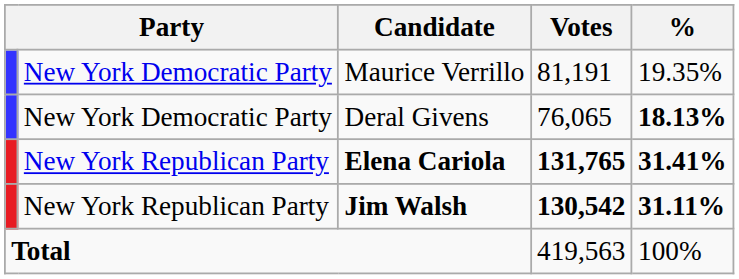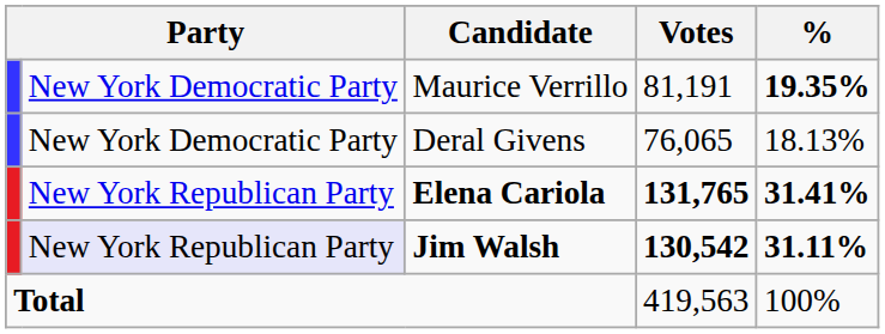 <table class="wikitable" style="font-size: 95%">
 <tr>
 <th colspan="2">Party</th>
 <th>Candidate</th>
 <th>Votes</th>
 <th>%</th>
 </tr>
 <tr>
 <td bgcolor="#3333FF"></td>
 <td><a href='#'>New York Democratic Party</a></td>
 <td>Maurice Verrillo</td>
 <td>81,191</td>
-<td>19.35%</td>
+<td><strong>19.35%</strong></td>
 </tr>
 <tr>
 <td bgcolor="#3333FF"></td>
 <td>New York Democratic Party</td>
 <td>Deral Givens</td>
 <td>76,065</td>
-<td><strong>18.13%</strong></td>
+<td>18.13%</td>
 </tr>
 <tr>
 <td bgcolor="#E81B23"></td>
 <td><a href='#'>New York Republican Party</a></td>
 <td><strong>Elena Cariola</strong></td>
 <td><strong>131,765</strong></td>
 <td><strong>31.41%</strong></td>
 </tr>
 <tr>
 <td bgcolor="#E81B23"></td>
-<td>New York Republican Party</td>
+<td style="background: lavender;">New York Republican Party</td>
 <td><strong>Jim Walsh</strong></td>
 <td><strong>130,542</strong></td>
 <td><strong>31.11%</strong></td>
 </tr>
 <tr>
 <td colspan="3"><strong>Total</strong></td>
 <td>419,563</td>
 <td>100%</td>
 </tr>
 </table>
